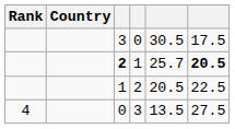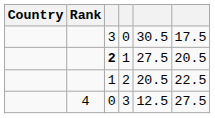 <table class="wikitable sortable" style="text-align: center;">
 <tr>
+<th>Country</th>
 <th>Rank</th>
-<th>Country</th>
 <th></th>
 <th></th>
 <th></th>
 <th></th>
 </tr>
 <tr>
+<td align=left></td>
 <td></td>
-<td align=left></td>
 <td>3</td>
 <td>0</td>
 <td>30.5</td>
 <td>17.5</td>
 </tr>
 <tr>
+<td align=left></td>
 <td></td>
-<td align=left></td>
 <td><strong>2</strong></td>
 <td>1</td>
-<td>25.7</td>
-<td><strong>20.5</strong></td>
+<td>27.5</td>
+<td>20.5</td>
 </tr>
 <tr>
+<td align=left></td>
 <td></td>
-<td align=left></td>
 <td>1</td>
 <td>2</td>
 <td>20.5</td>
 <td>22.5</td>
 </tr>
 <tr>
+<td align=left></td>
 <td>4</td>
-<td align=left></td>
 <td>0</td>
 <td>3</td>
-<td>13.5</td>
+<td>12.5</td>
 <td>27.5</td>
 </tr>
 </table>
